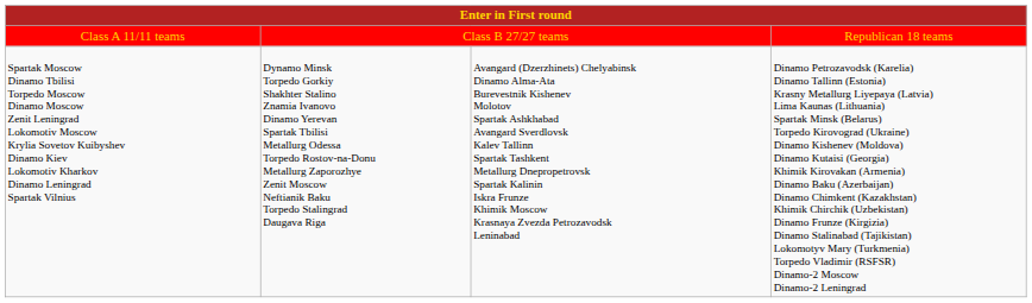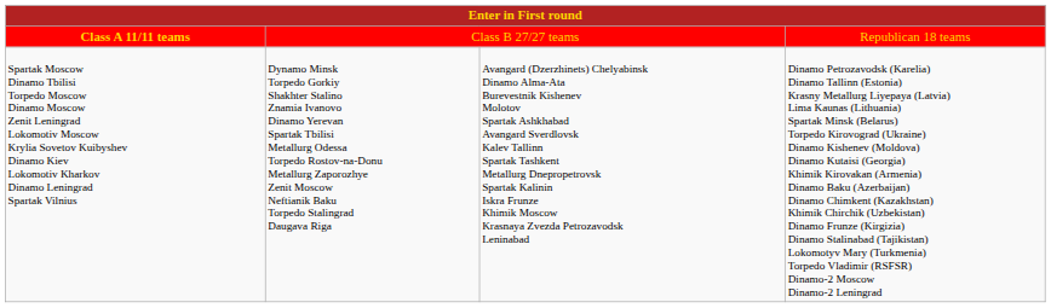 <table class="wikitable" style="width:100%;">
 <tr style="background:Firebrick; text-align:center;">
 <td style="width:100%; color:Gold" colspan="4"><strong>Enter in First round</strong></td>
 </tr>
 <tr style="background:Red;">
-<td style="text-align:center; width:25%; color:Gold" colspan=1>Class A 11/11 teams</td>
+<td style="text-align:center; width:25%; color:Gold" colspan=1><strong>Class A 11/11 teams</strong></td>
 <td style="text-align:center; width:50%; color:Gold" colspan=2>Class B 27/27 teams</td>
 <td style="text-align:center; width:25%; color:Gold" colspan=1>Republican 18 teams</td>
 </tr>
 <tr style="vertical-align:top; font-size:85%;">
 <td rowspan=3><br> Spartak Moscow<br>  Dinamo Tbilisi<br>  Torpedo Moscow<br>  Dinamo Moscow<br>  Zenit Leningrad<br>  Lokomotiv Moscow<br>  Krylia Sovetov Kuibyshev<br>  Dinamo Kiev<br>  Lokomotiv Kharkov<br>  Dinamo Leningrad<br>  Spartak Vilnius<br></td>
 <td><br> Dynamo Minsk<br>  Torpedo Gorkiy<br>  Shakhter Stalino<br>  Znamia Ivanovo<br>  Dinamo Yerevan<br>  Spartak Tbilisi<br>  Metallurg Odessa<br>  Torpedo Rostov-na-Donu<br>  Metallurg Zaporozhye<br>  Zenit Moscow<br>  Neftianik Baku<br>  Torpedo Stalingrad<br>  Daugava Riga<br></td>
 <td><br> Avangard (Dzerzhinets) Chelyabinsk<br>  Dinamo Alma-Ata<br>  Burevestnik Kishenev<br>  Molotov<br>  Spartak Ashkhabad<br>  Avangard Sverdlovsk<br>  Kalev Tallinn<br>  Spartak Tashkent<br>  Metallurg Dnepropetrovsk<br>  Spartak Kalinin<br>  Iskra Frunze<br>  Khimik Moscow<br>  Krasnaya Zvezda Petrozavodsk<br>  Leninabad<br></td>
 <td><br> Dinamo Petrozavodsk (Karelia)<br>  Dinamo Tallinn (Estonia)<br>  Krasny Metallurg Liyepaya (Latvia)<br>  Lima Kaunas (Lithuania)<br>  Spartak Minsk (Belarus)<br>  Torpedo Kirovograd (Ukraine)<br>  Dinamo Kishenev (Moldova)<br>  Dinamo Kutaisi (Georgia)<br>  Khimik Kirovakan (Armenia)<br>  Dinamo Baku (Azerbaijan)<br>  Dinamo Chimkent (Kazakhstan)<br>  Khimik Chirchik (Uzbekistan)<br>  Dinamo Frunze (Kirgizia)<br>  Dinamo Stalinabad (Tajikistan)<br>  Lokomotyv Mary (Turkmenia)<br>  Torpedo Vladimir (RSFSR)<br>  Dinamo-2 Moscow<br>  Dinamo-2 Leningrad<br></td>
 </tr>
 </table>
